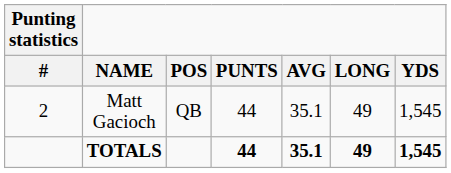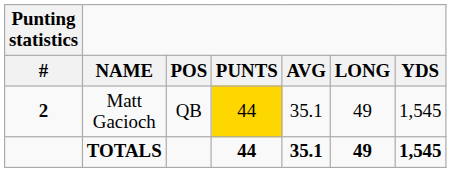 <table style="width:60%; text-align:center;" class="wikitable collapsible collapsed">
 <tr>
 <th style="text-align:center; ">Punting statistics</th>
 </tr>
 <tr>
 <th>#</th>
 <th>NAME</th>
 <th>POS</th>
 <th>PUNTS</th>
 <th>AVG</th>
 <th>LONG</th>
 <th>YDS</th>
 </tr>
 <tr>
-<td>2</td>
+<td><strong>2</strong></td>
 <td>Matt Gacioch</td>
 <td>QB</td>
-<td>44</td>
+<td style="background: gold;">44</td>
 <td>35.1</td>
 <td>49</td>
 <td>1,545</td>
 </tr>
 <tr>
 <td></td>
 <td><strong>TOTALS</strong></td>
 <td></td>
 <td><strong>44</strong></td>
 <td><strong>35.1</strong></td>
 <td><strong>49</strong></td>
 <td><strong>1,545</strong></td>
 </tr>
 </table>
